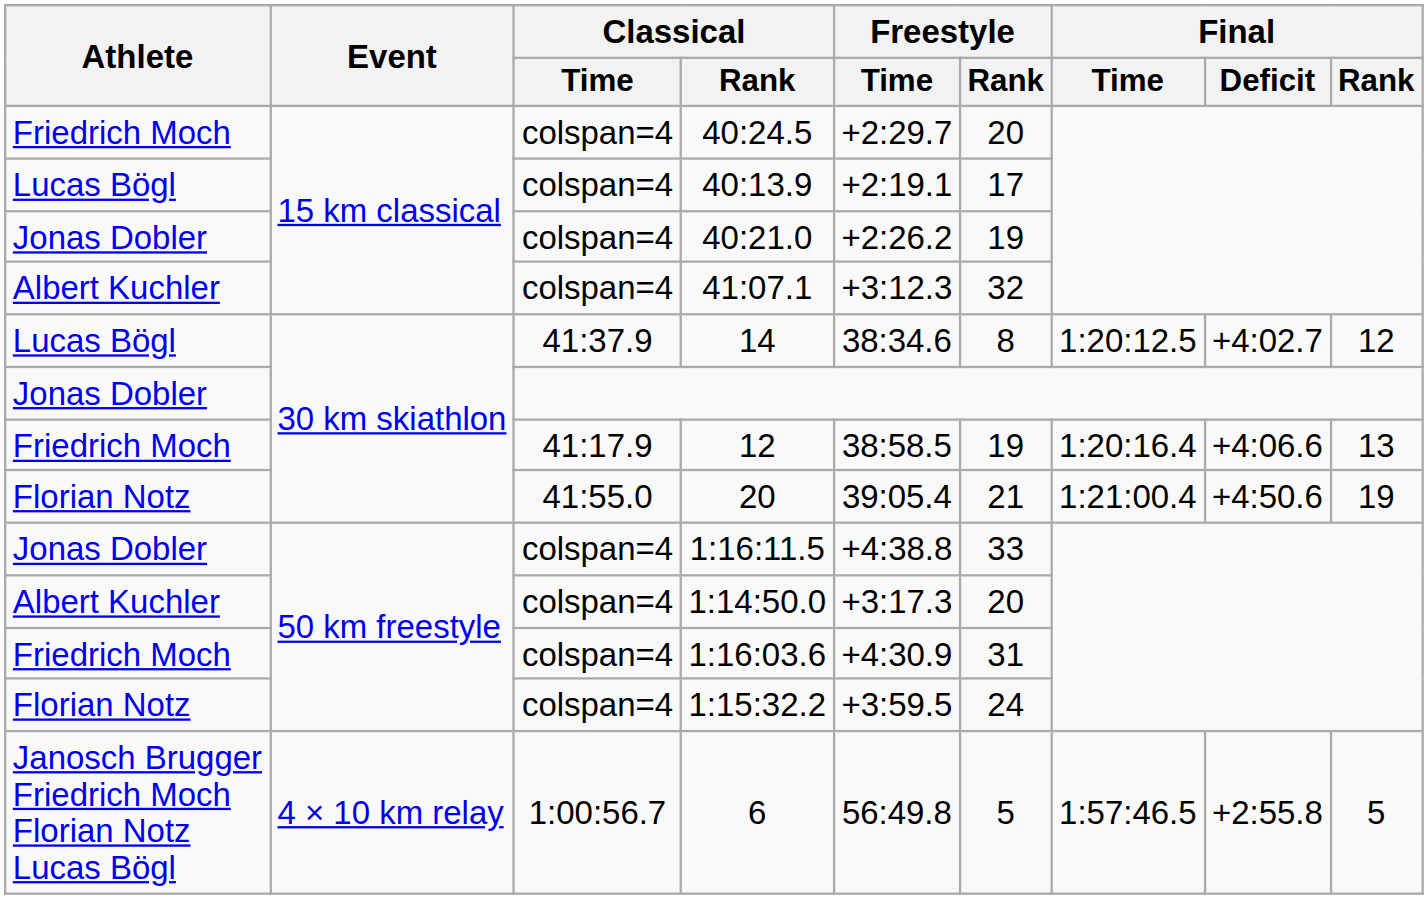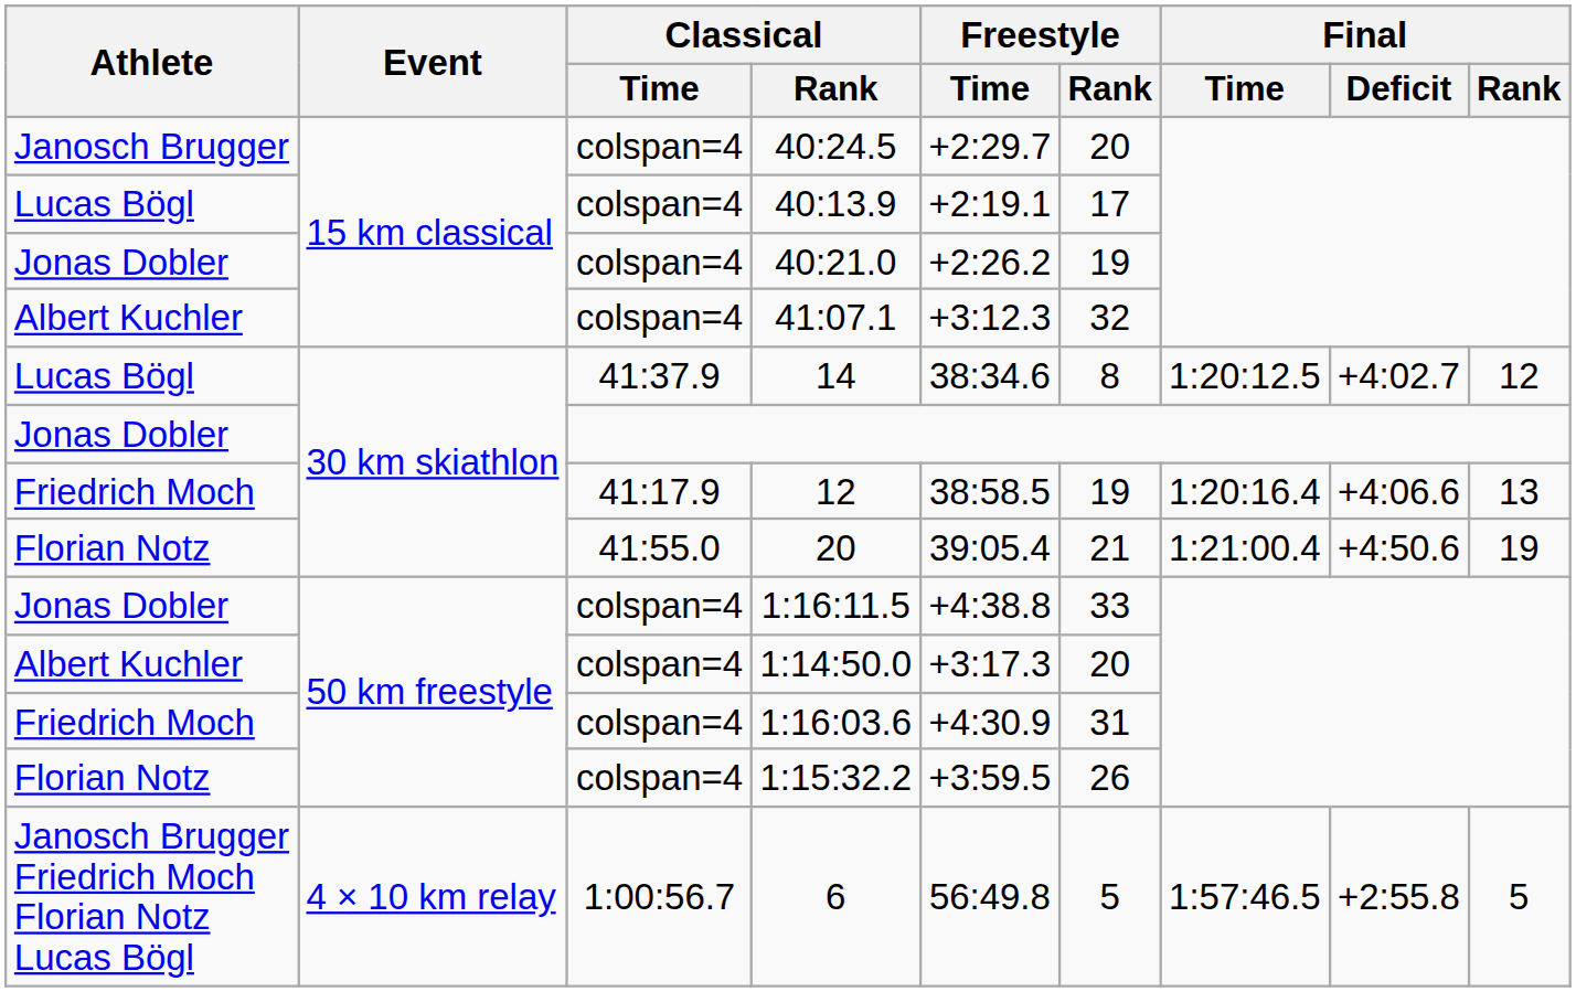 <table class="wikitable" style="font-size:90%">
 <tr>
 <th rowspan=2>Athlete</th>
 <th rowspan=2>Event</th>
 <th colspan=2>Classical</th>
 <th colspan=2>Freestyle</th>
 <th colspan=3>Final</th>
 </tr>
 <tr style="font-size: 95%">
 <th>Time</th>
 <th>Rank</th>
 <th>Time</th>
 <th>Rank</th>
 <th>Time</th>
 <th>Deficit</th>
 <th>Rank</th>
 </tr>
 <tr align=center>
-<td align=left><a href='#'>Friedrich Moch</a></td>
+<td align=left><a href='#'>Janosch Brugger</a></td>
 <td align=left rowspan=4><a href='#'>15 km classical</a></td>
 <td>colspan=4</td>
 <td>40:24.5</td>
 <td>+2:29.7</td>
 <td>20</td>
 </tr>
 <tr align=center>
 <td align=left><a href='#'>Lucas Bögl</a></td>
 <td>colspan=4</td>
 <td>40:13.9</td>
 <td>+2:19.1</td>
 <td>17</td>
 </tr>
 <tr align=center>
 <td align=left><a href='#'>Jonas Dobler</a></td>
 <td>colspan=4</td>
 <td>40:21.0</td>
 <td>+2:26.2</td>
 <td>19</td>
 </tr>
 <tr align=center>
 <td align=left><a href='#'>Albert Kuchler</a></td>
 <td>colspan=4</td>
 <td>41:07.1</td>
 <td>+3:12.3</td>
 <td>32</td>
 </tr>
 <tr align=center>
 <td align=left><a href='#'>Lucas Bögl</a></td>
 <td align=left rowspan=4><a href='#'>30 km skiathlon</a></td>
 <td>41:37.9</td>
 <td>14</td>
 <td>38:34.6</td>
 <td>8</td>
 <td>1:20:12.5</td>
 <td>+4:02.7</td>
 <td>12</td>
 </tr>
 <tr align=center>
 <td align=left><a href='#'>Jonas Dobler</a></td>
 <td colspan=7></td>
 </tr>
 <tr align=center>
 <td align=left><a href='#'>Friedrich Moch</a></td>
 <td>41:17.9</td>
 <td>12</td>
 <td>38:58.5</td>
 <td>19</td>
 <td>1:20:16.4</td>
 <td>+4:06.6</td>
 <td>13</td>
 </tr>
 <tr align=center>
 <td align=left><a href='#'>Florian Notz</a></td>
 <td>41:55.0</td>
 <td>20</td>
 <td>39:05.4</td>
 <td>21</td>
 <td>1:21:00.4</td>
 <td>+4:50.6</td>
 <td>19</td>
 </tr>
 <tr align=center>
 <td align=left><a href='#'>Jonas Dobler</a></td>
 <td align=left rowspan=4><a href='#'>50 km freestyle</a></td>
 <td>colspan=4</td>
 <td>1:16:11.5</td>
 <td>+4:38.8</td>
 <td>33</td>
 </tr>
 <tr align=center>
 <td align=left><a href='#'>Albert Kuchler</a></td>
 <td>colspan=4</td>
 <td>1:14:50.0</td>
 <td>+3:17.3</td>
 <td>20</td>
 </tr>
 <tr align=center>
 <td align=left><a href='#'>Friedrich Moch</a></td>
 <td>colspan=4</td>
 <td>1:16:03.6</td>
 <td>+4:30.9</td>
 <td>31</td>
 </tr>
 <tr align=center>
 <td align=left><a href='#'>Florian Notz</a></td>
 <td>colspan=4</td>
 <td>1:15:32.2</td>
 <td>+3:59.5</td>
-<td>24</td>
+<td>26</td>
 </tr>
 <tr align=center>
 <td align=left><a href='#'>Janosch Brugger</a><br><a href='#'>Friedrich Moch</a><br><a href='#'>Florian Notz</a><br><a href='#'>Lucas Bögl</a></td>
 <td align=left><a href='#'>4 × 10 km relay</a></td>
 <td>1:00:56.7</td>
 <td>6</td>
 <td>56:49.8</td>
 <td>5</td>
 <td>1:57:46.5</td>
 <td>+2:55.8</td>
 <td>5</td>
 </tr>
 </table>
